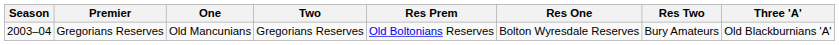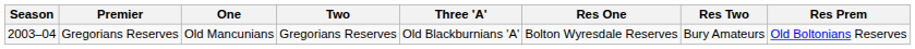 <table class="wikitable" style="text-align: center">
 <tr>
 <th>Season</th>
 <th>Premier</th>
 <th>One</th>
 <th>Two</th>
-<th>Res Prem</th>
+<th>Three 'A'</th>
 <th>Res One</th>
 <th>Res Two</th>
-<th>Three 'A'</th>
+<th>Res Prem</th>
 </tr>
 <tr>
 <td>2003–04</td>
 <td>Gregorians Reserves</td>
 <td>Old Mancunians</td>
 <td>Gregorians Reserves</td>
-<td><a href='#'>Old Boltonians</a> Reserves</td>
+<td>Old Blackburnians 'A'</td>
 <td>Bolton Wyresdale Reserves</td>
 <td>Bury Amateurs</td>
-<td>Old Blackburnians 'A'</td>
+<td><a href='#'>Old Boltonians</a> Reserves</td>
 </tr>
 </table>
